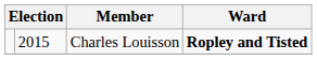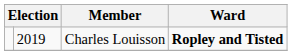 <table class="wikitable">
 <tr>
 <th colspan="2">Election</th>
 <th>Member</th>
 <th>Ward</th>
 </tr>
 <tr>
 <td style="background-color: "></td>
-<td>2015</td>
+<td>2019</td>
 <td>Charles Louisson</td>
 <td><strong>Ropley and Tisted</strong></td>
 </tr>
 <tr>
 </tr>
 </table>
